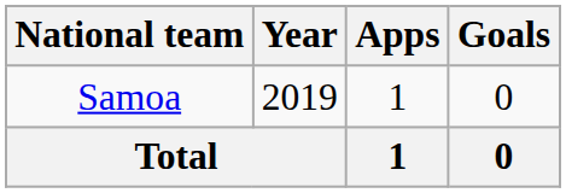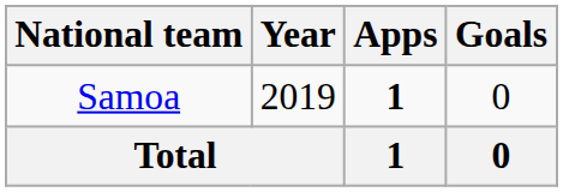 <table class="wikitable" style="text-align:center">
 <tr>
 <th>National team</th>
 <th>Year</th>
 <th>Apps</th>
 <th>Goals</th>
 </tr>
 <tr>
 <td><a href='#'>Samoa</a></td>
 <td>2019</td>
-<td>1</td>
+<td><strong>1</strong></td>
 <td>0</td>
 </tr>
 <tr>
 <th colspan=2>Total</th>
 <th>1</th>
 <th>0</th>
 </tr>
 </table>
